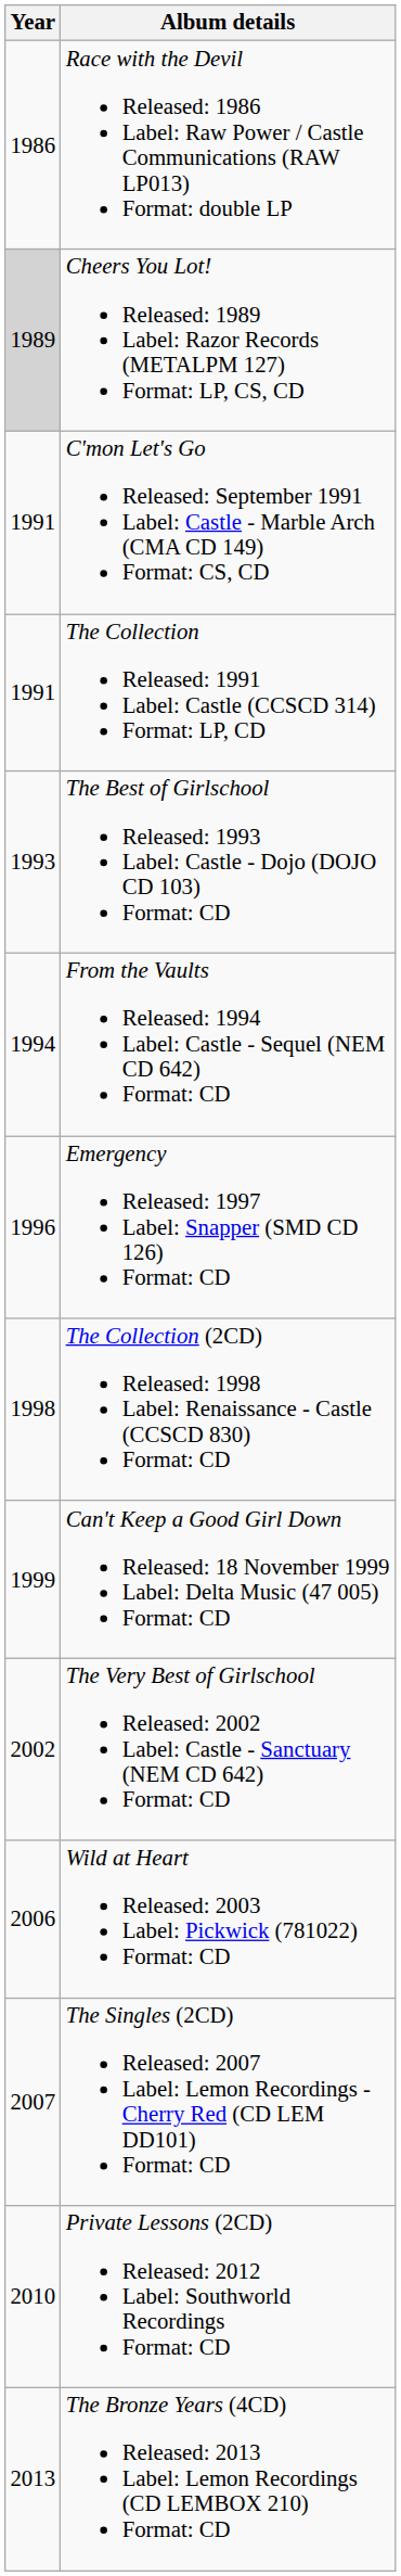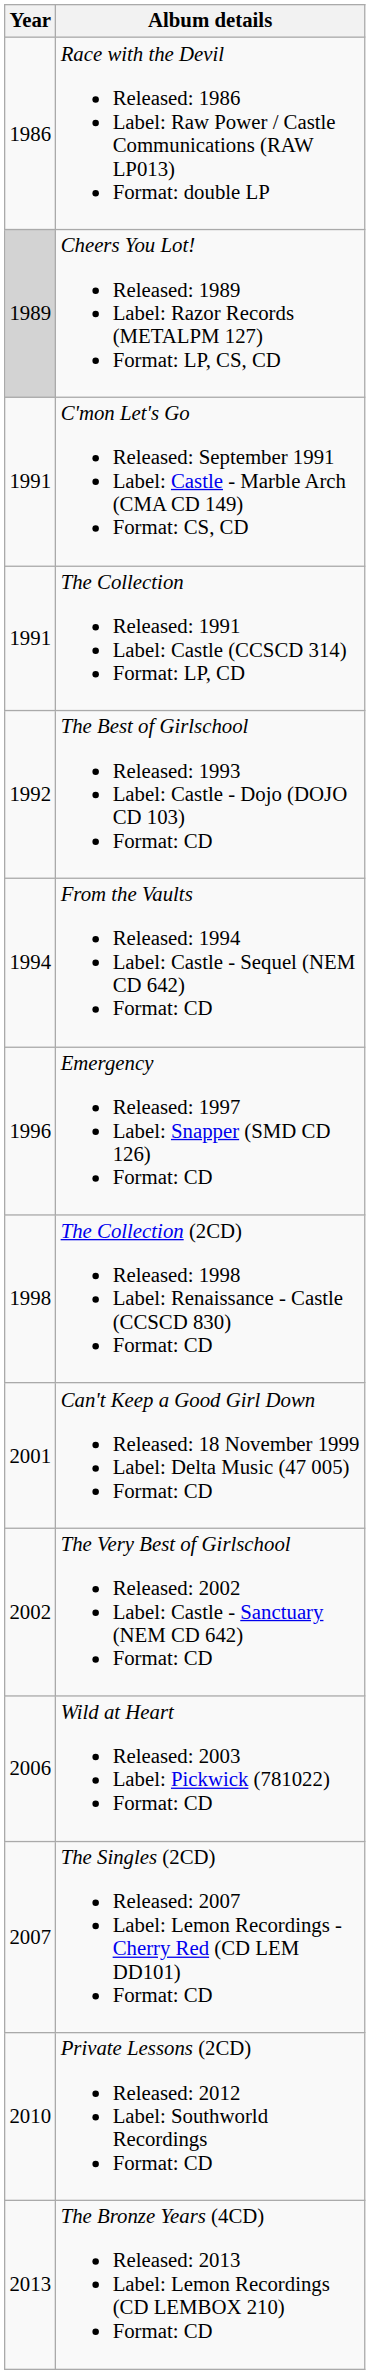 <table class="wikitable">
 <tr>
 <th>Year</th>
 <th style="width:230px;">Album details</th>
 </tr>
 <tr>
 <td>1986</td>
 <td><em>Race with the Devil</em><br><ul><li>Released: 1986</li><li>Label: Raw Power / Castle Communications (RAW LP013)</li><li>Format: double LP</li></ul></td>
 </tr>
 <tr>
 <td style="background: lightgrey;">1989</td>
 <td><em>Cheers You Lot!</em><br><ul><li>Released: 1989</li><li>Label: Razor Records (METALPM 127)</li><li>Format: LP, CS, CD</li></ul></td>
 </tr>
 <tr>
 <td>1991</td>
 <td><em>C'mon Let's Go</em><br><ul><li>Released: September 1991</li><li>Label: <a href='#'>Castle</a> - Marble Arch (CMA CD 149)</li><li>Format: CS, CD</li></ul></td>
 </tr>
 <tr>
 <td>1991</td>
 <td><em>The Collection</em><br><ul><li>Released: 1991</li><li>Label: Castle (CCSCD 314)</li><li>Format: LP, CD</li></ul></td>
 </tr>
 <tr>
-<td>1993</td>
+<td>1992</td>
 <td><em>The Best of Girlschool</em><br><ul><li>Released: 1993</li><li>Label: Castle - Dojo (DOJO CD 103)</li><li>Format: CD</li></ul></td>
 </tr>
 <tr>
 <td>1994</td>
 <td><em>From the Vaults</em><br><ul><li>Released: 1994</li><li>Label: Castle - Sequel (NEM CD 642)</li><li>Format: CD</li></ul></td>
 </tr>
 <tr>
 <td>1996</td>
 <td><em>Emergency</em><br><ul><li>Released: 1997</li><li>Label: <a href='#'>Snapper</a> (SMD CD 126)</li><li>Format: CD</li></ul></td>
 </tr>
 <tr>
 <td>1998</td>
 <td><em><a href='#'>The Collection</a></em> (2CD)<br><ul><li>Released: 1998</li><li>Label: Renaissance - Castle (CCSCD 830)</li><li>Format: CD</li></ul></td>
 </tr>
 <tr>
-<td>1999</td>
+<td>2001</td>
 <td><em>Can't Keep a Good Girl Down</em><br><ul><li>Released: 18 November 1999</li><li>Label: Delta Music (47 005)</li><li>Format: CD</li></ul></td>
 </tr>
 <tr>
 <td>2002</td>
 <td><em>The Very Best of Girlschool</em><br><ul><li>Released: 2002</li><li>Label: Castle - <a href='#'>Sanctuary</a> (NEM CD 642)</li><li>Format: CD</li></ul></td>
 </tr>
 <tr>
 <td>2006</td>
 <td><em>Wild at Heart</em><br><ul><li>Released: 2003</li><li>Label: <a href='#'>Pickwick</a> (781022)</li><li>Format: CD</li></ul></td>
 </tr>
 <tr>
 <td>2007</td>
 <td><em>The Singles</em> (2CD)<br><ul><li>Released: 2007</li><li>Label: Lemon Recordings - <a href='#'>Cherry Red</a> (CD LEM DD101)</li><li>Format: CD</li></ul></td>
 </tr>
 <tr>
 <td>2010</td>
 <td><em>Private Lessons</em> (2CD)<br><ul><li>Released: 2012</li><li>Label: Southworld Recordings</li><li>Format: CD</li></ul></td>
 </tr>
 <tr>
 <td>2013</td>
 <td><em>The Bronze Years</em> (4CD)<br><ul><li>Released: 2013</li><li>Label: Lemon Recordings (CD LEMBOX 210)</li><li>Format: CD</li></ul></td>
 </tr>
 </table>
